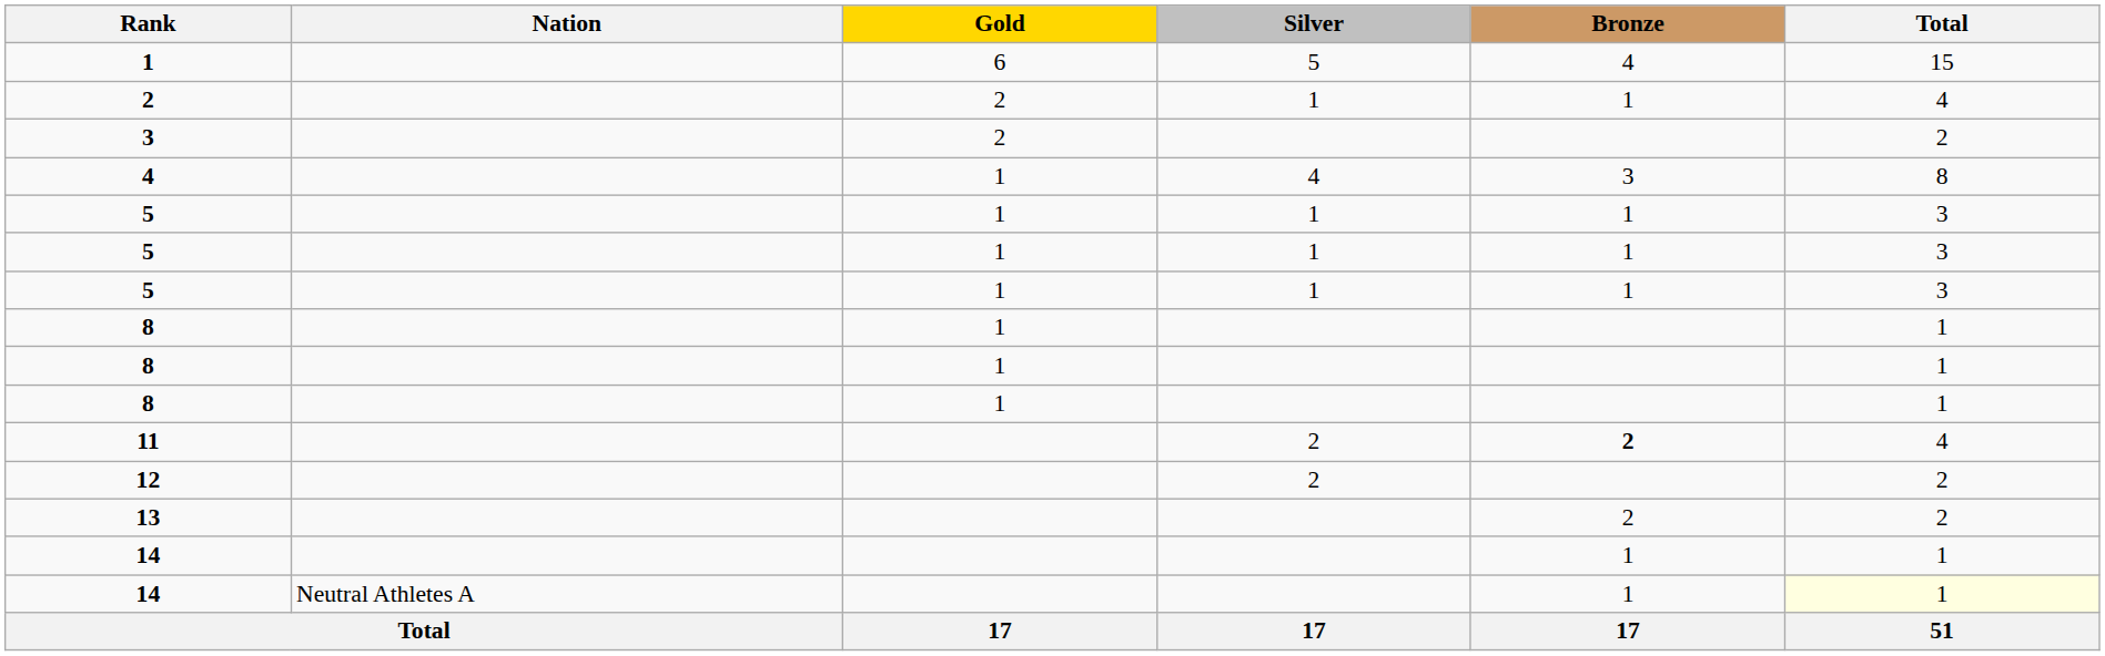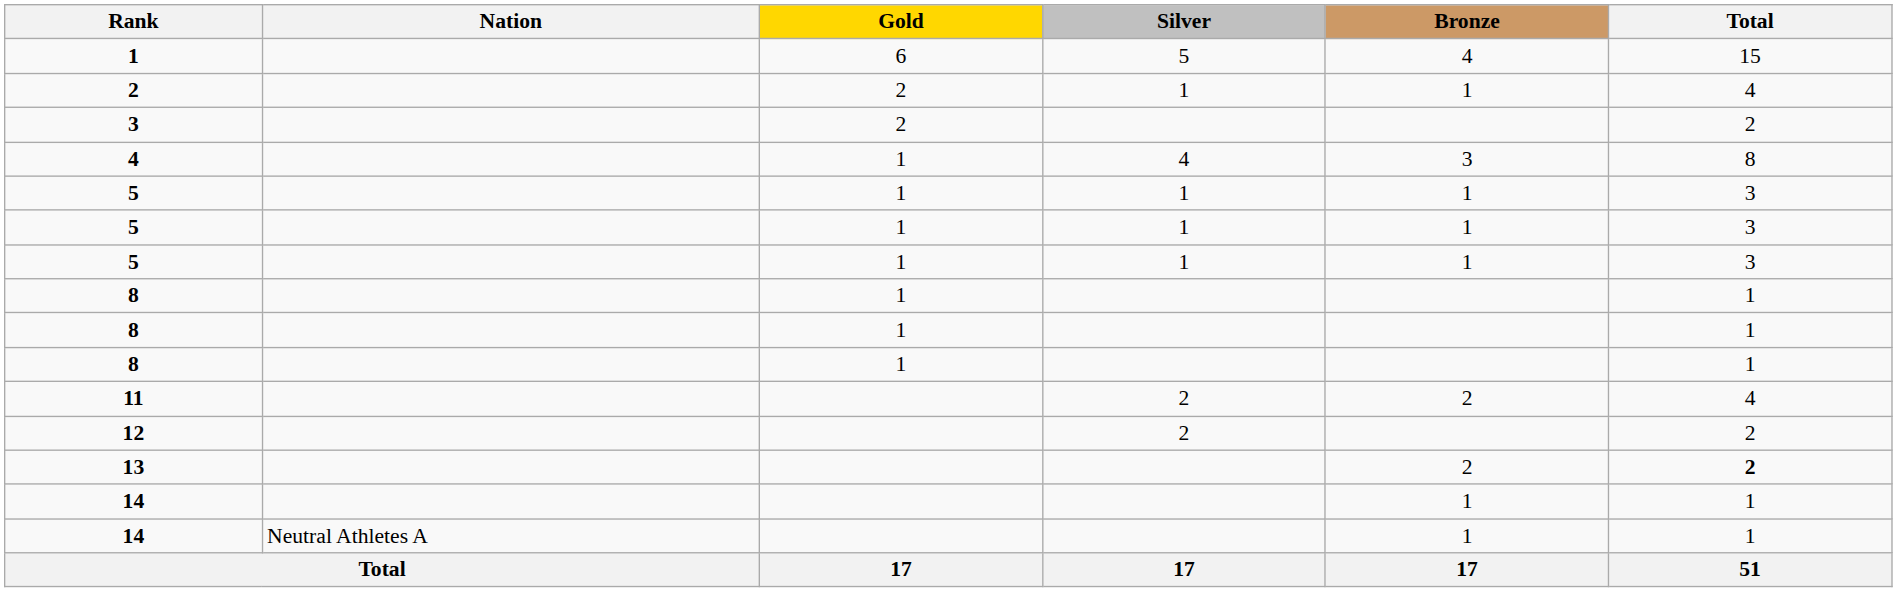 <table class="wikitable collapsible autocollapse plainrowheaders" width=70.5% style="text-align:center;">
 <tr style="background-color:#EDEDED;">
 <th width=100px class="hintergrundfarbe5">Rank</th>
 <th width=200px class="hintergrundfarbe6">Nation</th>
 <th style="background:    gold; width:15%">Gold</th>
 <th style="background:  silver; width:15%">Silver</th>
 <th style="background: #CC9966; width:15%">Bronze</th>
 <th class="hintergrundfarbe6" style="width:15%">Total</th>
 </tr>
 <tr>
 <td><strong>1</strong></td>
 <td align=left></td>
 <td>6</td>
 <td>5</td>
 <td>4</td>
 <td>15</td>
 </tr>
 <tr>
 <td><strong>2</strong></td>
 <td align=left></td>
 <td>2</td>
 <td>1</td>
 <td>1</td>
 <td>4</td>
 </tr>
 <tr>
 <td><strong>3</strong></td>
 <td align=left></td>
 <td>2</td>
 <td></td>
 <td></td>
 <td>2</td>
 </tr>
 <tr>
 <td><strong>4</strong></td>
 <td align=left></td>
 <td>1</td>
 <td>4</td>
 <td>3</td>
 <td>8</td>
 </tr>
 <tr>
 <td><strong>5</strong></td>
 <td align=left></td>
 <td>1</td>
 <td>1</td>
 <td>1</td>
 <td>3</td>
 </tr>
 <tr>
 <td><strong>5</strong></td>
 <td align=left></td>
 <td>1</td>
 <td>1</td>
 <td>1</td>
 <td>3</td>
 </tr>
 <tr>
 <td><strong>5</strong></td>
 <td align=left></td>
 <td>1</td>
 <td>1</td>
 <td>1</td>
 <td>3</td>
 </tr>
 <tr>
 <td><strong>8</strong></td>
 <td align=left></td>
 <td>1</td>
 <td></td>
 <td></td>
 <td>1</td>
 </tr>
 <tr>
 <td><strong>8</strong></td>
 <td align=left></td>
 <td>1</td>
 <td></td>
 <td></td>
 <td>1</td>
 </tr>
 <tr>
 <td><strong>8</strong></td>
 <td align=left></td>
 <td>1</td>
 <td></td>
 <td></td>
 <td>1</td>
 </tr>
 <tr>
 <td><strong>11</strong></td>
 <td align=left></td>
 <td></td>
 <td>2</td>
-<td><strong>2</strong></td>
+<td>2</td>
 <td>4</td>
 </tr>
 <tr>
 <td><strong>12</strong></td>
 <td align=left></td>
 <td></td>
 <td>2</td>
 <td></td>
 <td>2</td>
 </tr>
 <tr>
 <td><strong>13</strong></td>
 <td align=left></td>
 <td></td>
 <td></td>
 <td>2</td>
-<td>2</td>
+<td><strong>2</strong></td>
 </tr>
 <tr>
 <td><strong>14</strong></td>
 <td align=left></td>
 <td></td>
 <td></td>
 <td>1</td>
 <td>1</td>
 </tr>
 <tr>
 <td><strong>14</strong></td>
 <td align=left> Neutral Athletes A</td>
 <td></td>
 <td></td>
 <td>1</td>
-<td style="background: lightyellow;">1</td>
+<td>1</td>
 </tr>
 <tr>
 <th colspan=2>Total</th>
 <th>17</th>
 <th>17</th>
 <th>17</th>
 <th>51</th>
 </tr>
 </table>
